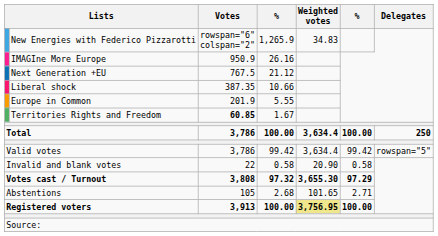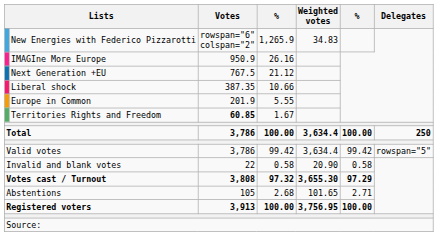 <table class="wikitable" style="text-align:right; font-size:90%;">
 <tr>
 <th colspan="2" width="100">Lists</th>
 <th width="30">Votes</th>
 <th width="40">%</th>
 <th width="30">Weighted votes</th>
 <th width="40">%</th>
 <th width="60">Delegates</th>
 </tr>
 <tr>
 <td width="1" bgcolor=#3EA8E2></td>
 <td align="left">New Energies with Federico Pizzarotti</td>
 <td>rowspan="6" colspan="2" </td>
 <td>1,265.9</td>
 <td>34.83</td>
 <td></td>
 </tr>
 <tr>
 <td width="1" bgcolor=#FE1E90></td>
 <td align="left">IMAGIne More Europe</td>
 <td>950.9</td>
 <td>26.16</td>
 <td></td>
 </tr>
 <tr>
 <td width="1" bgcolor=#0C72B5></td>
 <td align="left">Next Generation +EU</td>
 <td>767.5</td>
 <td>21.12</td>
 <td></td>
 </tr>
 <tr>
 <td width="1" bgcolor=#FB166F></td>
 <td align="left">Liberal shock</td>
 <td>387.35</td>
 <td>10.66</td>
 <td></td>
 </tr>
 <tr>
 <td width="1" bgcolor=#FA9B00></td>
 <td align="left">Europe in Common</td>
 <td>201.9</td>
 <td>5.55</td>
 <td></td>
 </tr>
 <tr>
 <td width="1" bgcolor=#4FB063></td>
 <td align="left">Territories Rights and Freedom</td>
 <td><strong>60.85</strong></td>
 <td>1.67</td>
 <td></td>
 </tr>
 <tr>
 <th colspan="7"></th>
 </tr>
 <tr style="font-weight:bold;">
 <td align="left" colspan="2">Total</td>
 <td>3,786</td>
 <td>100.00</td>
 <td>3,634.4</td>
 <td>100.00</td>
 <td>250</td>
 </tr>
 <tr>
 <th colspan="7"></th>
 </tr>
 <tr>
 <td colspan="2" align=left>Valid votes</td>
 <td>3,786</td>
 <td>99.42</td>
 <td>3,634.4</td>
 <td>99.42</td>
 <td>rowspan="5" </td>
 </tr>
 <tr>
 <td colspan="2" align=left>Invalid and blank votes</td>
 <td>22</td>
 <td>0.58</td>
 <td>20.90</td>
 <td>0.58</td>
 </tr>
 <tr>
 <td colspan="2" align=left><strong>Votes cast / Turnout</strong></td>
 <td><strong>3,808</strong></td>
 <td><strong>97.32</strong></td>
 <td><strong>3,655.30</strong></td>
 <td><strong>97.29</strong></td>
 </tr>
 <tr>
 <td colspan="2" align="left">Abstentions</td>
 <td>105</td>
 <td>2.68</td>
 <td>101.65</td>
 <td>2.71</td>
 </tr>
 <tr>
 <td colspan="2" align=left><strong>Registered voters</strong></td>
 <td><strong>3,913</strong></td>
 <td><strong>100.00</strong></td>
-<td style="background: khaki;"><strong>3,756.95</strong></td>
+<td><strong>3,756.95</strong></td>
 <td><strong>100.00</strong></td>
 </tr>
 <tr>
 <th colspan="7"></th>
 </tr>
 <tr>
 <td colspan="7" align="left">Source: </td>
 </tr>
 </table>
